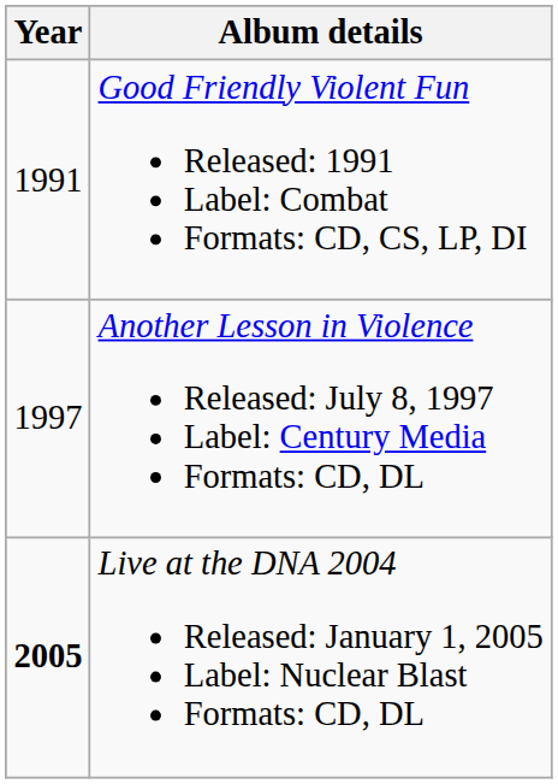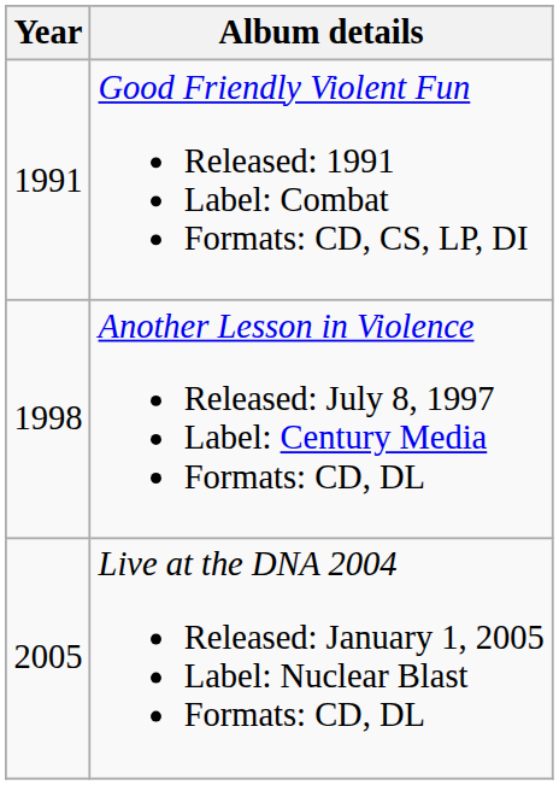 <table class ="wikitable">
 <tr>
 <th>Year</th>
 <th>Album details</th>
 </tr>
 <tr>
 <td align="center">1991</td>
 <td><em><a href='#'>Good Friendly Violent Fun</a></em><br><ul><li>Released: 1991</li><li>Label: Combat</li><li>Formats: CD, CS, LP, DI</li></ul></td>
 </tr>
 <tr>
-<td align="center">1997</td>
+<td align="center">1998</td>
 <td><em><a href='#'>Another Lesson in Violence</a></em><br><ul><li>Released: July 8, 1997</li><li>Label: <a href='#'>Century Media</a></li><li>Formats: CD, DL</li></ul></td>
 </tr>
 <tr>
-<td align="center"><strong>2005</strong></td>
+<td align="center">2005</td>
 <td><em>Live at the DNA 2004</em><br><ul><li>Released: January 1, 2005</li><li>Label: Nuclear Blast</li><li>Formats: CD, DL</li></ul></td>
 </tr>
 </table>
